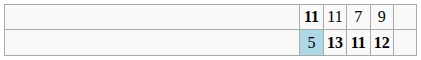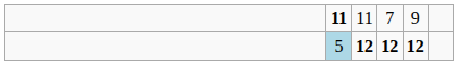 <table class="wikitable">
 <tr>
 <td style="width:18em"></td>
 <td align=center style="width:1em"><strong>11</strong></td>
 <td align=center style="width:1em">11</td>
 <td align=center style="width:1em">7</td>
 <td align=center style="width:1em">9</td>
 <td align=center style="width:1em"></td>
 </tr>
 <tr>
 <td style="width:18em"><strong></strong></td>
 <td align=center style="background: lightblue; width:1em">5</td>
-<td align=center style="width:1em"><strong>13</strong></td>
-<td align=center style="width:1em"><strong>11</strong></td>
+<td align=center style="width:1em"><strong>12</strong></td>
+<td align=center style="width:1em"><strong>12</strong></td>
 <td align=center style="width:1em"><strong>12</strong></td>
 <td align=center style="width:1em"></td>
 </tr>
 </table>
